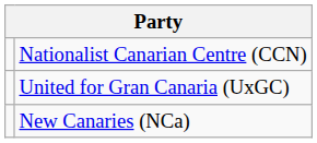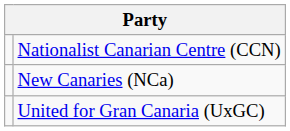 <table class="wikitable" style="text-align:left; font-size:97%;">
 <tr>
 <th colspan="2">Party</th>
 </tr>
 <tr>
 <td></td>
 <td><a href='#'>Nationalist Canarian Centre</a> (CCN)</td>
 </tr>
 <tr>
 <td></td>
-<td><a href='#'>United for Gran Canaria</a> (UxGC)</td>
+<td><a href='#'>New Canaries</a> (NCa)</td>
 </tr>
 <tr>
 <td></td>
-<td><a href='#'>New Canaries</a> (NCa)</td>
+<td><a href='#'>United for Gran Canaria</a> (UxGC)</td>
 </tr>
 </table>
